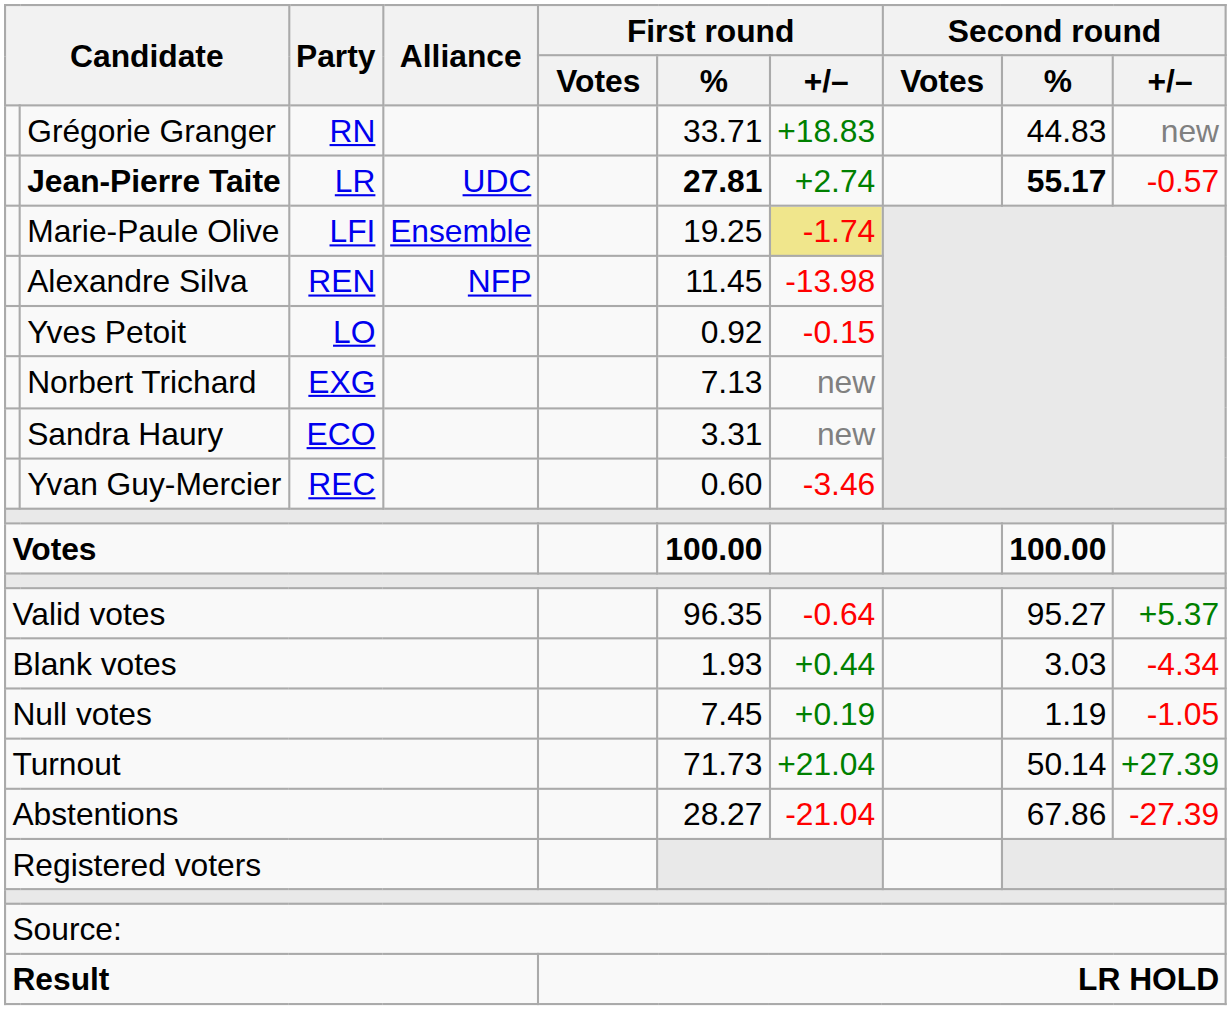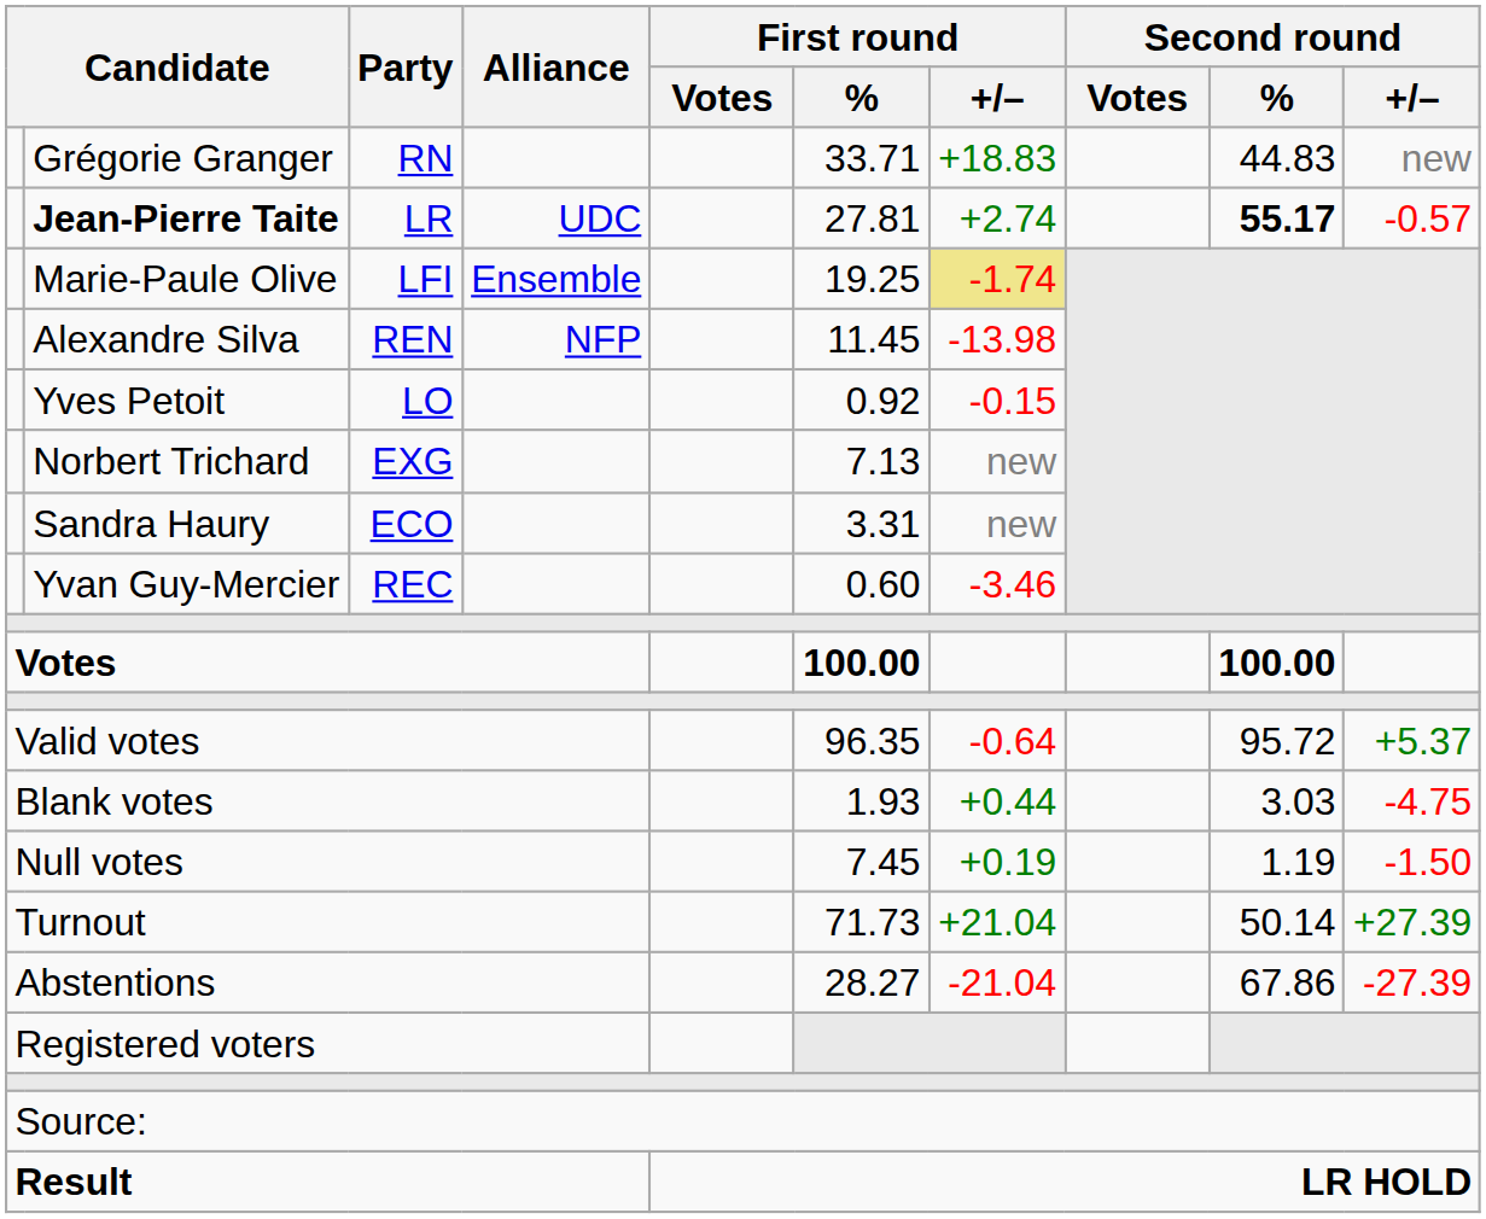 <table class="wikitable" style="text-align:right;font-size:95%;">
 <tr>
 <th rowspan="2" colspan="2">Candidate</th>
 <th colspan="1" rowspan="2">Party</th>
 <th colspan="1" rowspan="2">Alliance</th>
 <th colspan="3">First round</th>
 <th colspan="3">Second round</th>
 </tr>
 <tr>
 <th style="width:50px;">Votes</th>
 <th style="width:45px;">%</th>
 <th style="width:45px;">+/–</th>
 <th style="width:50px;">Votes</th>
 <th style="width:45px;">%</th>
 <th style="width:45px;">+/–</th>
 </tr>
 <tr>
 <td style="color:inherit;background:"></td>
 <td style="text-align:left;">Grégorie Granger</td>
 <td><a href='#'>RN</a></td>
 <td></td>
 <td></td>
 <td>33.71</td>
 <td style="color:green;">+18.83</td>
 <td></td>
 <td>44.83</td>
 <td style="color:grey;">new</td>
 </tr>
 <tr>
 <td style="color:inherit;background:"></td>
 <td style="text-align:left;"><strong>Jean-Pierre Taite</strong></td>
 <td><a href='#'>LR</a></td>
 <td><a href='#'>UDC</a></td>
 <td></td>
-<td><strong>27.81</strong></td>
+<td>27.81</td>
 <td style="color:green;">+2.74</td>
 <td><strong></strong></td>
 <td><strong>55.17</strong></td>
 <td style="color:red;">-0.57</td>
 </tr>
 <tr>
 <td style="color:inherit;background:"></td>
 <td style="text-align:left;">Marie-Paule Olive</td>
 <td><a href='#'>LFI</a></td>
 <td><a href='#'>Ensemble</a></td>
 <td></td>
 <td>19.25</td>
 <td style="background: khaki; color:red;">-1.74</td>
 <td colspan="3" rowspan="6" style="background:#E9E9E9;"></td>
 </tr>
 <tr>
 <td style="color:inherit;background:"></td>
 <td style="text-align:left;">Alexandre Silva</td>
 <td><a href='#'>REN</a></td>
 <td><a href='#'>NFP</a></td>
 <td></td>
 <td>11.45</td>
 <td style="color:red;">-13.98</td>
 </tr>
 <tr>
 <td style="color:inherit;background:"></td>
 <td style="text-align:left;">Yves Petoit</td>
 <td><a href='#'>LO</a></td>
 <td></td>
 <td></td>
 <td>0.92</td>
 <td style="color:red;">-0.15</td>
 </tr>
 <tr>
 <td style="color:inherit;background:"></td>
 <td style="text-align:left;">Norbert Trichard</td>
 <td><a href='#'>EXG</a></td>
 <td></td>
 <td></td>
 <td>7.13</td>
 <td style="color:grey;">new</td>
 </tr>
 <tr>
 <td style="color:inherit;background:"></td>
 <td style="text-align:left;">Sandra Haury</td>
 <td><a href='#'>ECO</a></td>
 <td></td>
 <td></td>
 <td>3.31</td>
 <td style="color:grey;">new</td>
 </tr>
 <tr>
 <td style="color:inherit;background:"></td>
 <td style="text-align:left;">Yvan Guy-Mercier</td>
 <td><a href='#'>REC</a></td>
 <td></td>
 <td></td>
 <td>0.60</td>
 <td style="color:red;">-3.46</td>
 </tr>
 <tr>
 <td colspan="10" style="background:#E9E9E9;"></td>
 </tr>
 <tr style="font-weight:bold;">
 <td colspan="4" style="text-align:left;">Votes</td>
 <td></td>
 <td>100.00</td>
 <td></td>
 <td></td>
 <td>100.00</td>
 <td></td>
 </tr>
 <tr>
 <td colspan="10" style="background:#E9E9E9;"></td>
 </tr>
 <tr>
 <td colspan="4" style="text-align:left;">Valid votes</td>
 <td></td>
 <td>96.35</td>
 <td style="color:red;">-0.64</td>
 <td></td>
-<td>95.27</td>
+<td>95.72</td>
 <td style="color:green;">+5.37</td>
 </tr>
 <tr>
 <td colspan="4" style="text-align:left;">Blank votes</td>
 <td></td>
 <td>1.93</td>
 <td style="color:green;">+0.44</td>
 <td></td>
 <td>3.03</td>
-<td style="color:red;">-4.34</td>
+<td style="color:red;">-4.75</td>
 </tr>
 <tr>
 <td colspan="4" style="text-align:left;">Null votes</td>
 <td></td>
 <td>7.45</td>
 <td style="color:green;">+0.19</td>
 <td></td>
 <td>1.19</td>
-<td style="color:red;">-1.05</td>
+<td style="color:red;">-1.50</td>
 </tr>
 <tr>
 <td colspan="4" style="text-align:left;">Turnout</td>
 <td></td>
 <td>71.73</td>
 <td style="color:green;">+21.04</td>
 <td></td>
 <td>50.14</td>
 <td style="color:green;">+27.39</td>
 </tr>
 <tr>
 <td colspan="4" style="text-align:left;">Abstentions</td>
 <td></td>
 <td>28.27</td>
 <td style="color:red;">-21.04</td>
 <td></td>
 <td>67.86</td>
 <td style="color:red;">-27.39</td>
 </tr>
 <tr>
 <td colspan="4" style="text-align:left;">Registered voters</td>
 <td></td>
 <td colspan="2" style="background:#E9E9E9;"></td>
 <td></td>
 <td colspan="2" style="background:#E9E9E9;"></td>
 </tr>
 <tr>
 <td colspan="10" style="background:#E9E9E9;"></td>
 </tr>
 <tr>
 <td colspan="10" style="text-align:left;">Source: </td>
 </tr>
 <tr style="font-weight:bold">
 <td colspan="4" style="text-align:left;">Result</td>
 <td colspan="6" style="background-color:">LR HOLD</td>
 </tr>
 </table>
